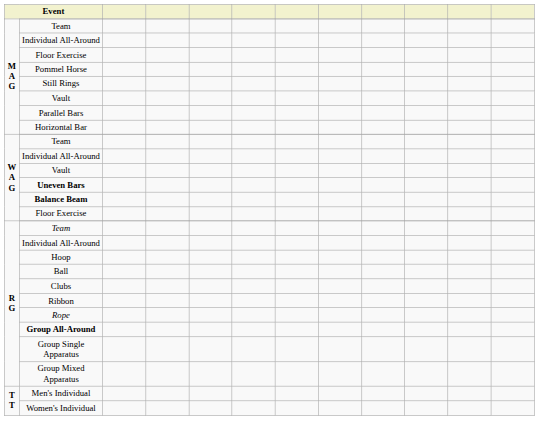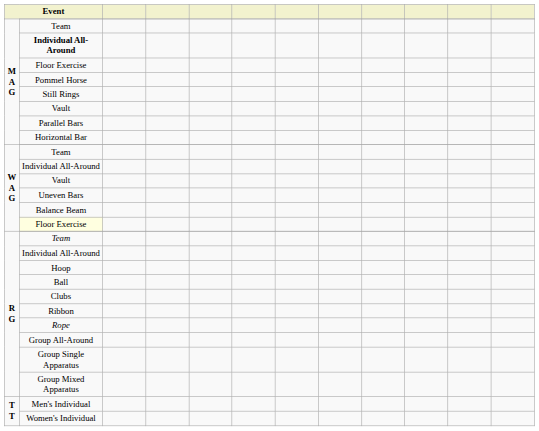 <table class="wikitable" style="margin-top:0em; text-align:center; font-size:89%;">
 <tr>
 <th style="background-color:#f2f2ce; width:15.0em;" colspan=2>Event</th>
 <th style="background-color:#f2f2ce; width:4.5em;"></th>
 <th style="background-color:#f2f2ce; width:4.5em;"></th>
 <th style="background-color:#f2f2ce; width:4.5em;"></th>
 <th style="background-color:#f2f2ce; width:4.5em;"></th>
 <th style="background-color:#f2f2ce; width:4.5em;"></th>
 <th style="background-color:#f2f2ce; width:4.5em;"></th>
 <th style="background-color:#f2f2ce; width:4.5em;"></th>
 <th style="background-color:#f2f2ce; width:4.5em;"></th>
 <th style="background-color:#f2f2ce; width:4.5em;"></th>
 <th style="background-color:#f2f2ce; width:4.5em;"></th>
 </tr>
 <tr>
 <td rowspan=9 border=0 cellpadding="0" cellspacing="0"><strong>M<br>A<br>G</strong></td>
 </tr>
 <tr>
 <td>Team</td>
 <td></td>
 <td></td>
 <td></td>
 <td></td>
 <td></td>
 <td></td>
 <td></td>
 <td></td>
 <td></td>
 <td></td>
 </tr>
 <tr>
-<td>Individual All-Around</td>
+<td><strong>Individual All-Around</strong></td>
 <td></td>
 <td></td>
 <td></td>
 <td></td>
 <td></td>
 <td></td>
 <td></td>
 <td></td>
 <td></td>
 <td></td>
 </tr>
 <tr>
 <td>Floor Exercise</td>
 <td></td>
 <td></td>
 <td></td>
 <td></td>
 <td></td>
 <td></td>
 <td></td>
 <td></td>
 <td></td>
 <td></td>
 </tr>
 <tr>
 <td>Pommel Horse</td>
 <td></td>
 <td></td>
 <td></td>
 <td></td>
 <td></td>
 <td></td>
 <td></td>
 <td></td>
 <td></td>
 <td></td>
 </tr>
 <tr>
 <td>Still Rings</td>
 <td></td>
 <td></td>
 <td></td>
 <td></td>
 <td></td>
 <td></td>
 <td></td>
 <td></td>
 <td></td>
 <td></td>
 </tr>
 <tr>
 <td>Vault</td>
 <td></td>
 <td></td>
 <td></td>
 <td></td>
 <td></td>
 <td></td>
 <td></td>
 <td></td>
 <td></td>
 <td></td>
 </tr>
 <tr>
 <td>Parallel Bars</td>
 <td></td>
 <td></td>
 <td></td>
 <td></td>
 <td></td>
 <td></td>
 <td></td>
 <td></td>
 <td></td>
 <td></td>
 </tr>
 <tr>
 <td>Horizontal Bar</td>
 <td></td>
 <td></td>
 <td></td>
 <td></td>
 <td></td>
 <td></td>
 <td></td>
 <td></td>
 <td></td>
 <td></td>
 </tr>
 <tr>
 <td rowspan=7 border=0 cellpadding="0" cellspacing="0"><strong>W<br>A<br>G</strong></td>
 </tr>
 <tr>
 <td>Team</td>
 <td></td>
 <td></td>
 <td></td>
 <td></td>
 <td></td>
 <td></td>
 <td></td>
 <td></td>
 <td></td>
 <td></td>
 </tr>
 <tr>
 <td>Individual All-Around</td>
 <td></td>
 <td></td>
 <td></td>
 <td></td>
 <td></td>
 <td></td>
 <td></td>
 <td></td>
 <td></td>
 <td></td>
 </tr>
 <tr>
 <td>Vault</td>
 <td></td>
 <td></td>
 <td></td>
 <td></td>
 <td></td>
 <td></td>
 <td></td>
 <td></td>
 <td></td>
 <td></td>
 </tr>
 <tr>
-<td><strong>Uneven Bars</strong></td>
+<td>Uneven Bars</td>
 <td></td>
 <td></td>
 <td></td>
 <td></td>
 <td></td>
 <td></td>
 <td></td>
 <td></td>
 <td></td>
 <td></td>
 </tr>
 <tr>
-<td><strong>Balance Beam</strong></td>
+<td>Balance Beam</td>
 <td></td>
 <td></td>
 <td></td>
 <td></td>
 <td></td>
 <td></td>
 <td></td>
 <td></td>
 <td></td>
 <td></td>
 </tr>
 <tr>
-<td>Floor Exercise</td>
+<td style="background: lightyellow;">Floor Exercise</td>
 <td></td>
 <td></td>
 <td></td>
 <td></td>
 <td></td>
 <td></td>
 <td></td>
 <td></td>
 <td></td>
 <td></td>
 </tr>
 <tr>
 <td rowspan=11 border=0 cellpadding="0" cellspacing="0"><strong>R<br>G</strong></td>
 </tr>
 <tr>
 <td><em>Team</em></td>
 <td></td>
 <td></td>
 <td></td>
 <td></td>
 <td></td>
 <td></td>
 <td></td>
 <td></td>
 <td></td>
 <td></td>
 </tr>
 <tr>
 <td>Individual All-Around</td>
 <td></td>
 <td></td>
 <td></td>
 <td></td>
 <td></td>
 <td></td>
 <td></td>
 <td></td>
 <td></td>
 <td></td>
 </tr>
 <tr>
 <td>Hoop</td>
 <td></td>
 <td></td>
 <td></td>
 <td></td>
 <td></td>
 <td></td>
 <td></td>
 <td></td>
 <td></td>
 <td></td>
 </tr>
 <tr>
 <td>Ball</td>
 <td></td>
 <td></td>
 <td></td>
 <td></td>
 <td></td>
 <td></td>
 <td></td>
 <td></td>
 <td></td>
 <td></td>
 </tr>
 <tr>
 <td>Clubs</td>
 <td></td>
 <td></td>
 <td></td>
 <td></td>
 <td></td>
 <td></td>
 <td></td>
 <td></td>
 <td></td>
 <td></td>
 </tr>
 <tr>
 <td>Ribbon</td>
 <td></td>
 <td></td>
 <td></td>
 <td></td>
 <td></td>
 <td></td>
 <td></td>
 <td></td>
 <td></td>
 <td></td>
 </tr>
 <tr>
 <td><em>Rope</em></td>
 <td></td>
 <td></td>
 <td></td>
 <td></td>
 <td></td>
 <td></td>
 <td></td>
 <td></td>
 <td></td>
 <td></td>
 </tr>
 <tr>
-<td><strong>Group All-Around</strong></td>
+<td>Group All-Around</td>
 <td></td>
 <td></td>
 <td></td>
 <td></td>
 <td></td>
 <td></td>
 <td></td>
 <td></td>
 <td></td>
 <td></td>
 </tr>
 <tr>
 <td>Group Single Apparatus</td>
 <td></td>
 <td></td>
 <td></td>
 <td></td>
 <td></td>
 <td></td>
 <td></td>
 <td></td>
 <td></td>
 <td></td>
 </tr>
 <tr>
 <td>Group Mixed Apparatus</td>
 <td></td>
 <td></td>
 <td></td>
 <td></td>
 <td></td>
 <td></td>
 <td></td>
 <td></td>
 <td></td>
 <td></td>
 </tr>
 <tr>
 <td rowspan=3 border=0 cellpadding="0" cellspacing="0"><strong>T<br>T</strong></td>
 <td>Men's Individual</td>
 <td></td>
 <td></td>
 <td></td>
 <td></td>
 <td></td>
 <td></td>
 <td></td>
 <td></td>
 <td></td>
 <td></td>
 </tr>
 <tr>
 <td>Women's Individual</td>
 <td></td>
 <td></td>
 <td></td>
 <td></td>
 <td></td>
 <td></td>
 <td></td>
 <td></td>
 <td></td>
 <td></td>
 </tr>
 </table>
